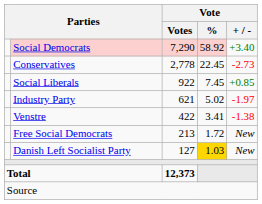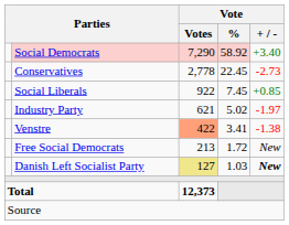 <table class="wikitable" style="text-align:right;">
 <tr>
 <th style="text-align:centre;" rowspan="2" colspan="2" width="225">Parties</th>
 <th colspan="3">Vote</th>
 </tr>
 <tr>
 <th width="15">Votes</th>
 <th width="15">%</th>
 <th width="15">+ / -</th>
 </tr>
 <tr>
 <td width="2" style="color:inherit;background:"></td>
 <td bgcolor=#fbd0ce  align="left"><a href='#'>Social Democrats</a></td>
 <td bgcolor=#fbd0ce>7,290</td>
 <td bgcolor=#fbd0ce>58.92</td>
 <td style=color:green;>+3.40</td>
 </tr>
 <tr>
 <td width="2" style="color:inherit;background:"></td>
 <td align="left"><a href='#'>Conservatives</a></td>
 <td>2,778</td>
 <td>22.45</td>
 <td style=color:red;>-2.73</td>
 </tr>
 <tr>
 <td width="2" style="color:inherit;background:"></td>
 <td align="left"><a href='#'>Social Liberals</a></td>
 <td>922</td>
 <td>7.45</td>
 <td style=color:green;>+0.85</td>
 </tr>
 <tr>
 <td width="2" style="color:inherit;background:"></td>
 <td align="left"><a href='#'>Industry Party</a></td>
 <td>621</td>
 <td>5.02</td>
 <td style=color:red;>-1.97</td>
 </tr>
 <tr>
 <td width="2" style="color:inherit;background:"></td>
 <td align="left"><a href='#'>Venstre</a></td>
-<td>422</td>
+<td style="background: lightsalmon;">422</td>
 <td>3.41</td>
 <td style=color:red;>-1.38</td>
 </tr>
 <tr>
 <td width="2" style="color:inherit;background:"></td>
 <td align="left"><a href='#'>Free Social Democrats</a></td>
 <td>213</td>
 <td>1.72</td>
 <td><em>New</em></td>
 </tr>
 <tr>
 <td width="2" style="color:inherit;background:"></td>
 <td align="left"><a href='#'>Danish Left Socialist Party</a></td>
-<td>127</td>
-<td style="background: gold;">1.03</td>
-<td><em>New</em></td>
+<td style="background: khaki;">127</td>
+<td>1.03</td>
+<td><strong><em>New</em></strong></td>
 </tr>
 <tr>
 <td colspan="7" bgcolor="#E9E9E9"></td>
 </tr>
 <tr>
 <td align="left" colspan="2"><strong>Total</strong></td>
 <td><strong>12,373</strong></td>
 <td bgcolor="#E9E9E9" colspan="2"></td>
 </tr>
 <tr>
 <td align="left" colspan="6">Source</td>
 </tr>
 </table>
